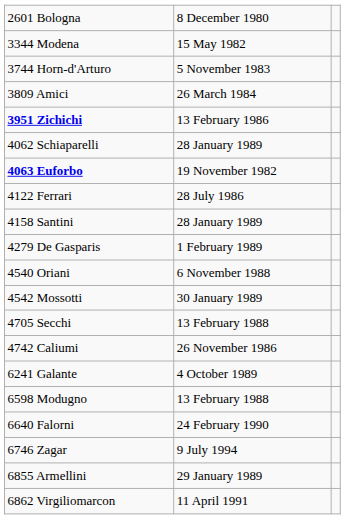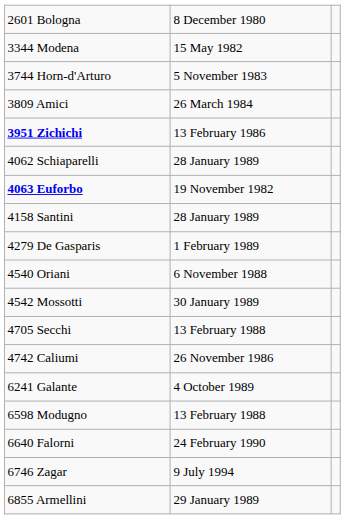 <table class="wikitable" style="font-size: 89%; float: left; width: 26em; margin-right: 1em; height: 560px;">
 <tr>
 <td>2601 Bologna</td>
 <td>8 December 1980</td>
 <td></td>
 </tr>
 <tr>
 <td>3344 Modena</td>
 <td>15 May 1982</td>
 <td></td>
 </tr>
 <tr>
 <td>3744 Horn-d'Arturo</td>
 <td>5 November 1983</td>
 <td></td>
 </tr>
 <tr>
 <td>3809 Amici</td>
 <td>26 March 1984</td>
 <td></td>
 </tr>
 <tr>
 <td><strong><a href='#'>3951 Zichichi</a></strong></td>
 <td>13 February 1986</td>
 <td></td>
 </tr>
 <tr>
 <td>4062 Schiaparelli</td>
 <td>28 January 1989</td>
 <td></td>
 </tr>
 <tr>
 <td><strong><a href='#'>4063 Euforbo</a></strong></td>
 <td>19 November 1982</td>
-<td></td>
-</tr>
-<tr>
-<td>4122 Ferrari</td>
-<td>28 July 1986</td>
 <td></td>
 </tr>
 <tr>
 <td>4158 Santini</td>
 <td>28 January 1989</td>
 <td></td>
 </tr>
 <tr>
 <td>4279 De Gasparis</td>
 <td>1 February 1989</td>
 <td></td>
 </tr>
 <tr>
 <td>4540 Oriani</td>
 <td>6 November 1988</td>
 <td></td>
 </tr>
 <tr>
 <td>4542 Mossotti</td>
 <td>30 January 1989</td>
 <td></td>
 </tr>
 <tr>
 <td>4705 Secchi</td>
 <td>13 February 1988</td>
 <td></td>
 </tr>
 <tr>
 <td>4742 Caliumi</td>
 <td>26 November 1986</td>
 <td></td>
 </tr>
 <tr>
 <td>6241 Galante</td>
 <td>4 October 1989</td>
 <td></td>
 </tr>
 <tr>
 <td>6598 Modugno</td>
 <td>13 February 1988</td>
 <td></td>
 </tr>
 <tr>
 <td>6640 Falorni</td>
 <td>24 February 1990</td>
 <td></td>
 </tr>
 <tr>
 <td>6746 Zagar</td>
 <td>9 July 1994</td>
 <td></td>
 </tr>
 <tr>
 <td>6855 Armellini</td>
 <td>29 January 1989</td>
 <td></td>
 </tr>
-<tr>
-<td>6862 Virgiliomarcon</td>
-<td>11 April 1991</td>
-<td></td>
-</tr>
 </table>
